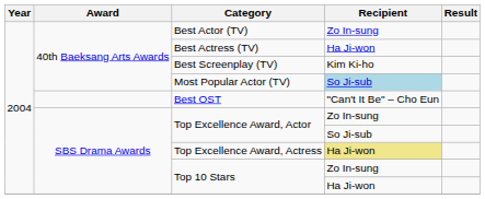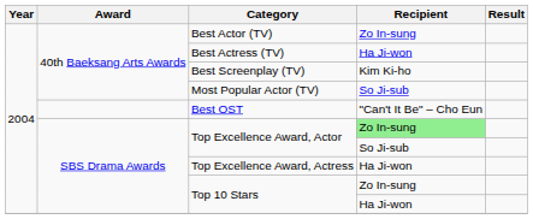 <table | class="wikitable">
 <tr>
 <th>Year</th>
 <th>Award</th>
 <th>Category</th>
 <th>Recipient</th>
 <th>Result</th>
 </tr>
 <tr>
 <td rowspan=10>2004</td>
 <td rowspan=4 style="text-align:center;">40th <a href='#'>Baeksang Arts Awards</a></td>
 <td>Best Actor (TV)</td>
 <td><a href='#'>Zo In-sung</a></td>
 <td></td>
 </tr>
 <tr>
 <td>Best Actress (TV)</td>
 <td><a href='#'>Ha Ji-won</a></td>
 <td></td>
 </tr>
 <tr>
 <td>Best Screenplay (TV)</td>
 <td>Kim Ki-ho</td>
 <td></td>
 </tr>
 <tr>
 <td>Most Popular Actor (TV)</td>
-<td style="background: lightblue;"><a href='#'>So Ji-sub</a></td>
+<td><a href='#'>So Ji-sub</a></td>
 <td></td>
 </tr>
 <tr>
 <td></td>
 <td><a href='#'>Best OST</a></td>
 <td>"Can't It Be" – Cho Eun</td>
 <td></td>
 </tr>
 <tr>
 <td rowspan=5 style="text-align:center;"><a href='#'>SBS Drama Awards</a></td>
 <td rowspan=2>Top Excellence Award, Actor</td>
-<td>Zo In-sung</td>
+<td style="background: lightgreen;">Zo In-sung</td>
 <td></td>
 </tr>
 <tr>
 <td>So Ji-sub</td>
 <td></td>
 </tr>
 <tr>
 <td>Top Excellence Award, Actress</td>
-<td style="background: khaki;">Ha Ji-won</td>
+<td>Ha Ji-won</td>
 <td></td>
 </tr>
 <tr>
 <td rowspan=2>Top 10 Stars</td>
 <td>Zo In-sung</td>
 <td></td>
 </tr>
 <tr>
 <td>Ha Ji-won</td>
 <td></td>
 </tr>
 <tr>
 </tr>
 </table>
